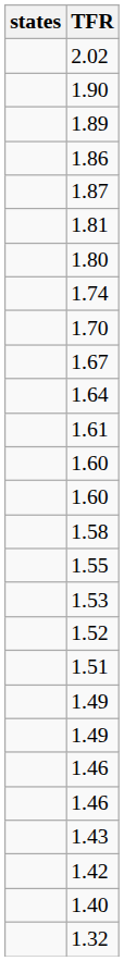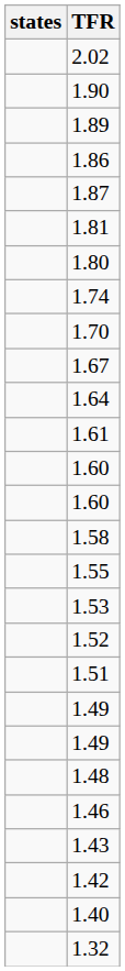 <table class="wikitable sortable">
 <tr>
 <th>states</th>
 <th>TFR</th>
 </tr>
 <tr>
 <td></td>
 <td>2.02</td>
 </tr>
 <tr>
 <td></td>
 <td>1.90</td>
 </tr>
 <tr>
 <td></td>
 <td>1.89</td>
 </tr>
 <tr>
 <td></td>
 <td>1.86</td>
 </tr>
 <tr>
 <td></td>
 <td>1.87</td>
 </tr>
 <tr>
 <td></td>
 <td>1.81</td>
 </tr>
 <tr>
 <td></td>
 <td>1.80</td>
 </tr>
 <tr>
 <td></td>
 <td>1.74</td>
 </tr>
 <tr>
 <td></td>
 <td>1.70</td>
 </tr>
 <tr>
 <td></td>
 <td>1.67</td>
 </tr>
 <tr>
 <td></td>
 <td>1.64</td>
 </tr>
 <tr>
 <td></td>
 <td>1.61</td>
 </tr>
 <tr>
 <td></td>
 <td>1.60</td>
 </tr>
 <tr>
 <td></td>
 <td>1.60</td>
 </tr>
 <tr>
 <td></td>
 <td>1.58</td>
 </tr>
 <tr>
 <td></td>
 <td>1.55</td>
 </tr>
 <tr>
 <td></td>
 <td>1.53</td>
 </tr>
 <tr>
 <td></td>
 <td>1.52</td>
 </tr>
 <tr>
 <td></td>
 <td>1.51</td>
 </tr>
 <tr>
 <td></td>
 <td>1.49</td>
 </tr>
 <tr>
 <td></td>
 <td>1.49</td>
 </tr>
 <tr>
 <td></td>
-<td>1.46</td>
+<td>1.48</td>
 </tr>
 <tr>
 <td></td>
 <td>1.46</td>
 </tr>
 <tr>
 <td></td>
 <td>1.43</td>
 </tr>
 <tr>
 <td></td>
 <td>1.42</td>
 </tr>
 <tr>
 <td></td>
 <td>1.40</td>
 </tr>
 <tr>
 <td></td>
 <td>1.32</td>
 </tr>
 </table>
